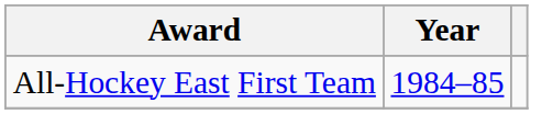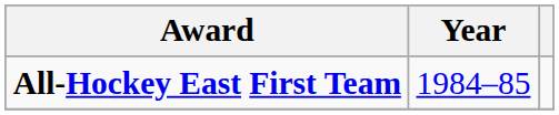 <table class="wikitable">
 <tr>
 <th>Award</th>
 <th>Year</th>
 <th></th>
 </tr>
 <tr>
-<td>All-<a href='#'>Hockey East</a> <a href='#'>First Team</a></td>
+<td><strong>All-<a href='#'>Hockey East</a> <a href='#'>First Team</a></strong></td>
 <td><a href='#'>1984–85</a></td>
 <td></td>
 </tr>
 <tr>
 </tr>
 </table>
